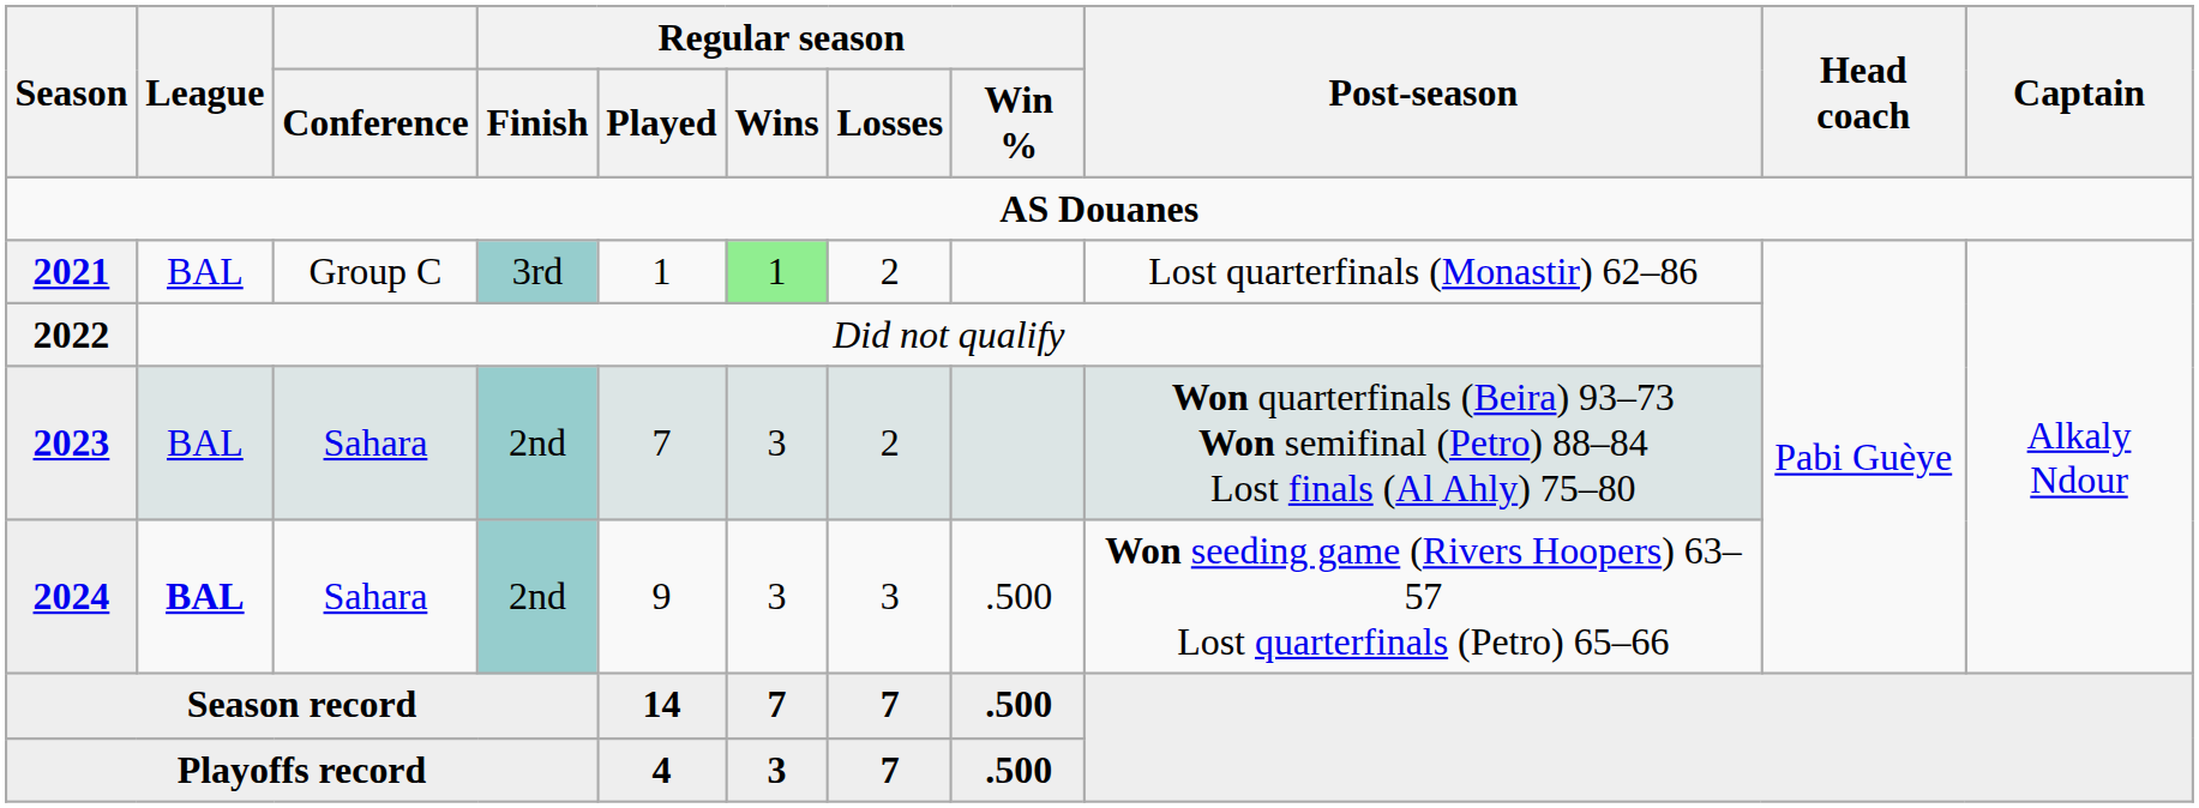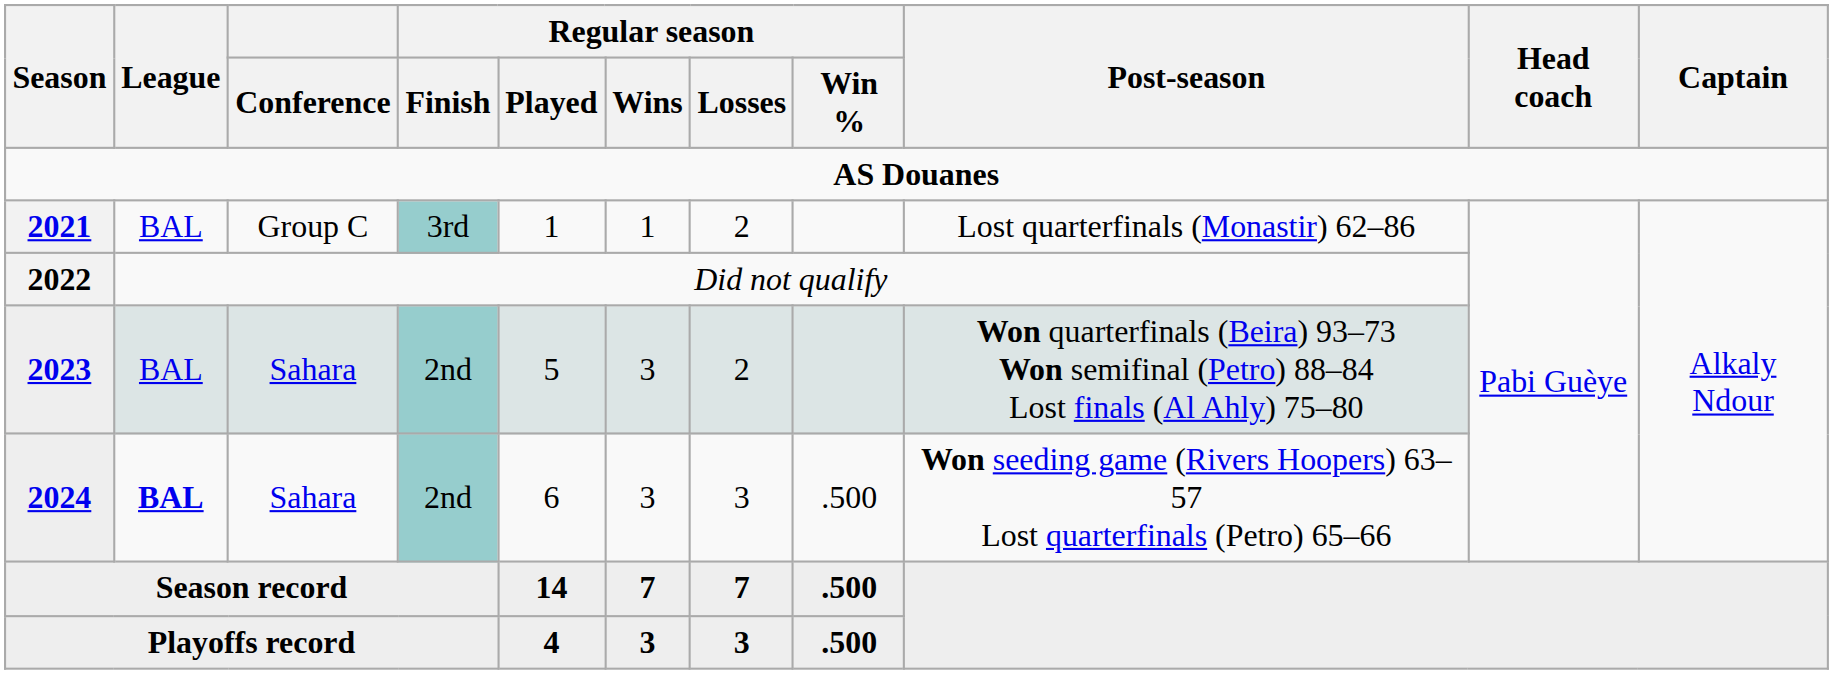 <table class="wikitable" style="font-size:95%; text-align:center">
 <tr>
 <th rowspan="2">Season</th>
 <th rowspan="2">League</th>
 <th></th>
 <th colspan="5">Regular season</th>
 <th rowspan="2">Post-season</th>
 <th rowspan="2">Head coach</th>
 <th rowspan="2">Captain</th>
 </tr>
 <tr>
 <th>Conference</th>
 <th>Finish</th>
 <th>Played</th>
 <th>Wins</th>
 <th>Losses</th>
 <th>Win %</th>
 </tr>
 <tr>
 <td colspan="11" align="center"><strong>AS Douanes</strong></td>
 </tr>
 <tr>
 <th><a href='#'>2021</a></th>
 <td><a href='#'>BAL</a></td>
 <td>Group C</td>
 <td style="text-align:center;background-color:#96CDCD;">3rd</td>
 <td>1</td>
-<td style="background: lightgreen;">1</td>
+<td>1</td>
 <td>2</td>
 <td></td>
 <td>Lost quarterfinals (<a href='#'>Monastir</a>) 62–86</td>
 <td rowspan="4"><a href='#'>Pabi Guèye</a></td>
 <td rowspan="4"><a href='#'>Alkaly Ndour</a></td>
 </tr>
 <tr>
 <th>2022</th>
 <td colspan="8"><em>Did not qualify</em></td>
 </tr>
 <tr bgcolor=#DCE5E5>
 <th style="background:#eee;"><a href='#'>2023</a></th>
 <td style="text-align:center;"><a href='#'>BAL</a></td>
 <td><a href='#'>Sahara</a></td>
 <td style="text-align:center;background-color:#96CDCD;">2nd</td>
-<td style="text-align:center;">7</td>
+<td style="text-align:center;">5</td>
 <td style="text-align:center;">3</td>
 <td style="text-align:center;">2</td>
 <td style="text-align:center;"></td>
 <td style="text-align:center;background-color: ;"><strong>Won</strong> quarterfinals (<a href='#'>Beira</a>) 93–73<br><strong>Won</strong> semifinal (<a href='#'>Petro</a>) 88–84<br>Lost <a href='#'>finals</a> (<a href='#'>Al Ahly</a>) 75–80</td>
 </tr>
 <tr>
 <th style="background:#eee;"><a href='#'>2024</a></th>
 <td style="text-align:center;"><strong><a href='#'>BAL</a></strong></td>
 <td><a href='#'>Sahara</a></td>
 <td style="text-align:center;background-color:#96CDCD;">2nd</td>
-<td style="text-align:center;">9</td>
+<td style="text-align:center;">6</td>
 <td style="text-align:center;">3</td>
 <td style="text-align:center;">3</td>
 <td style="text-align:center;">.500</td>
 <td style="text-align:center;"><strong>Won</strong> <a href='#'>seeding game</a> (<a href='#'>Rivers Hoopers</a>) 63–57<br>Lost <a href='#'>quarterfinals</a> (Petro) 65–66</td>
 </tr>
 <tr>
 <th colspan="4" style="background:#eee;">Season record</th>
 <td style="background:#eee;"><strong>14</strong></td>
 <td style="background:#eee;"><strong>7</strong></td>
 <td style="background:#eee;"><strong>7</strong></td>
 <td style="background:#eee;"><strong>.500</strong></td>
 <td colspan="3" rowspan="2" style="background:#eee;"></td>
 </tr>
 <tr>
 <th colspan="4" style="background:#eee;">Playoffs record</th>
 <td style="background:#eee;"><strong>4</strong></td>
 <td style="background:#eee;"><strong>3</strong></td>
-<td style="background:#eee;"><strong>7</strong></td>
+<td style="background:#eee;"><strong>3</strong></td>
 <td style="background:#eee;"><strong>.500</strong></td>
 </tr>
 </table>
